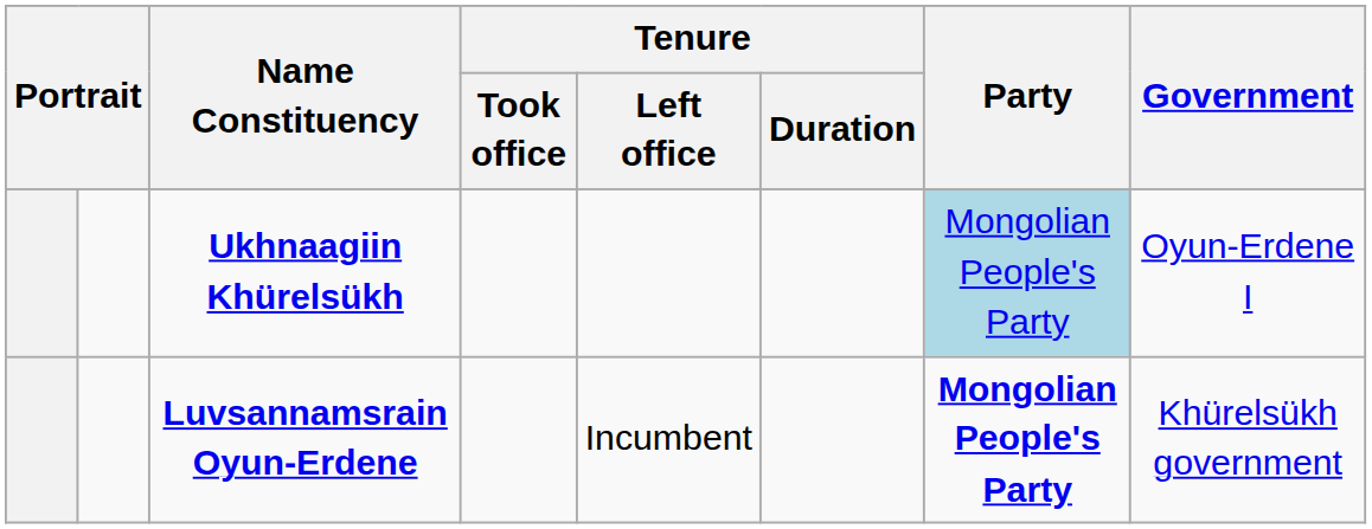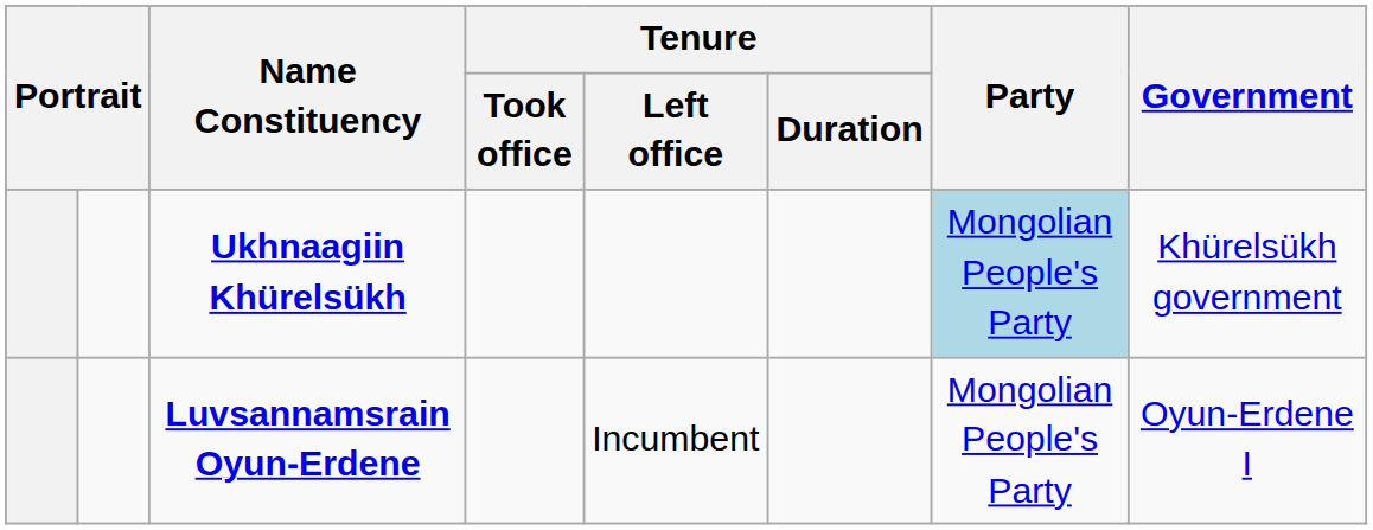 <table class="wikitable" style="line-height:1.4em; text-align:center;">
 <tr>
 <th colspan="2" rowspan="2" scope="col">Portrait</th>
 <th rowspan="2">Name<br>Constituency </th>
 <th colspan="3" scope="colgroup">Tenure</th>
 <th rowspan="2">Party</th>
 <th rowspan="2"><a href='#'>Government</a></th>
 </tr>
 <tr>
 <th>Took office</th>
 <th>Left office</th>
 <th>Duration</th>
 </tr>
 <tr>
 <th style="background:"></th>
 <td></td>
 <td><strong><a href='#'>Ukhnaagiin Khürelsükh</a></strong><br> </td>
 <td></td>
 <td></td>
 <td></td>
 <td style="background: lightblue;"><a href='#'>Mongolian People's Party</a></td>
-<td><a href='#'>Oyun-Erdene I</a></td>
+<td><a href='#'>Khürelsükh government</a></td>
 </tr>
 <tr>
 <th style="background:"></th>
 <td></td>
 <td><strong><a href='#'>Luvsannamsrain Oyun-Erdene</a></strong><br> </td>
 <td></td>
 <td>Incumbent</td>
 <td></td>
-<td><strong><a href='#'>Mongolian People's Party</a></strong></td>
-<td><a href='#'>Khürelsükh government</a></td>
+<td><a href='#'>Mongolian People's Party</a></td>
+<td><a href='#'>Oyun-Erdene I</a></td>
 </tr>
 </table>
